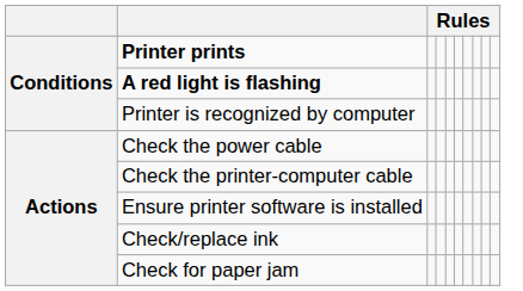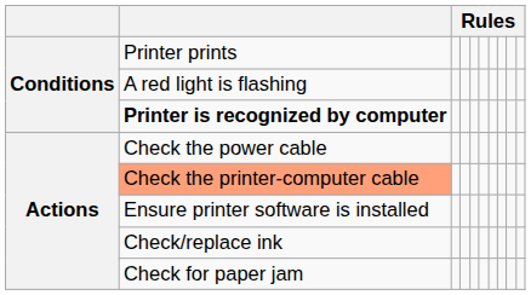 <table class="wikitable">
 <tr>
 <th></th>
 <th></th>
 <th colspan="8">Rules</th>
 </tr>
 <tr>
 <th rowspan="3">Conditions</th>
-<td><strong>Printer prints</strong></td>
+<td>Printer prints</td>
 <td></td>
 <td></td>
 <td></td>
 <td></td>
 <td></td>
 <td></td>
 <td></td>
 <td></td>
 </tr>
 <tr>
-<td><strong>A red light is flashing</strong></td>
+<td>A red light is flashing</td>
 <td></td>
 <td></td>
 <td></td>
 <td></td>
 <td></td>
 <td></td>
 <td></td>
 <td></td>
 </tr>
 <tr>
-<td>Printer is recognized by computer</td>
+<td><strong>Printer is recognized by computer</strong></td>
 <td></td>
 <td></td>
 <td></td>
 <td></td>
 <td></td>
 <td></td>
 <td></td>
 <td></td>
 </tr>
 <tr>
 <th rowspan="5">Actions</th>
 <td>Check the power cable</td>
 <td></td>
 <td></td>
 <td></td>
 <td></td>
 <td></td>
 <td></td>
 <td></td>
 <td></td>
 </tr>
 <tr>
-<td>Check the printer-computer cable</td>
+<td style="background: lightsalmon;">Check the printer-computer cable</td>
 <td></td>
 <td></td>
 <td></td>
 <td></td>
 <td></td>
 <td></td>
 <td></td>
 <td></td>
 </tr>
 <tr>
 <td>Ensure printer software is installed</td>
 <td></td>
 <td></td>
 <td></td>
 <td></td>
 <td></td>
 <td></td>
 <td></td>
 <td></td>
 </tr>
 <tr>
 <td>Check/replace ink</td>
 <td></td>
 <td></td>
 <td></td>
 <td></td>
 <td></td>
 <td></td>
 <td></td>
 <td></td>
 </tr>
 <tr>
 <td>Check for paper jam</td>
 <td></td>
 <td></td>
 <td></td>
 <td></td>
 <td></td>
 <td></td>
 <td></td>
 <td></td>
 </tr>
 </table>
